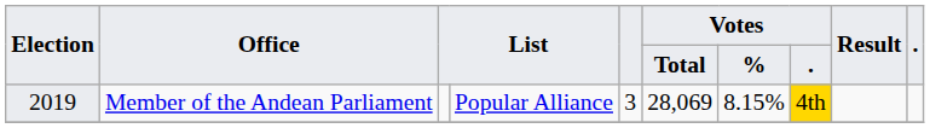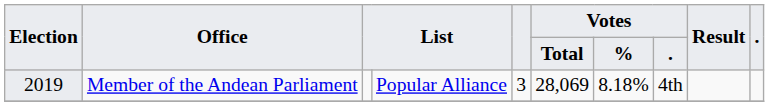 <table class="wikitable" style="font-size:90%; text-align:center;">
 <tr>
 <th style="background-color:#EAECF0;" rowspan=2>Election</th>
 <th style="background-color:#EAECF0;" rowspan=2>Office</th>
 <th style="background-color:#EAECF0;" colspan=2 rowspan=2>List</th>
 <th style="background-color:#EAECF0;" rowspan=2></th>
 <th style="background-color:#EAECF0;" colspan=3>Votes</th>
 <th style="background-color:#EAECF0;" rowspan=2>Result</th>
 <th style="background-color:#EAECF0;" rowspan=2>.</th>
 </tr>
 <tr>
 <th style="background-color:#EAECF0;">Total</th>
 <th style="background-color:#EAECF0;">%</th>
 <th style="background-color:#EAECF0;">.</th>
 </tr>
 <tr>
 <td style="background-color:#EAECF0;">2019</td>
 <td><a href='#'>Member of the Andean Parliament</a></td>
 <td style="background-color:"></td>
 <td><a href='#'>Popular Alliance</a></td>
 <td>3</td>
 <td>28,069</td>
-<td>8.15%</td>
-<td style="background: gold;">4th</td>
+<td>8.18%</td>
+<td>4th</td>
 <td></td>
 <td></td>
 </tr>
 <tr>
 </tr>
 </table>
